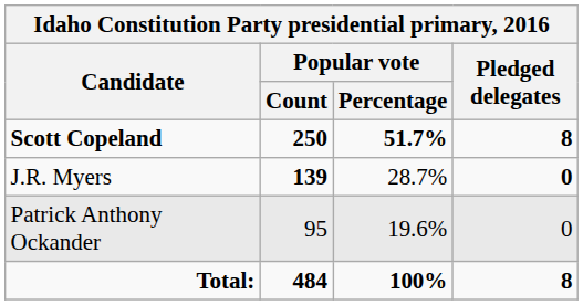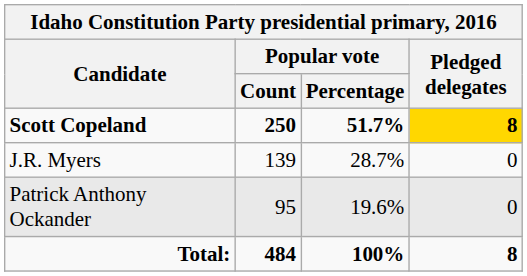 <table class="wikitable" style="font-size:95%;">
 <tr>
 <th colspan="4">Idaho Constitution Party presidential primary, 2016</th>
 </tr>
 <tr>
 <th rowspan="2" style="width:160px;">Candidate</th>
 <th colspan="2" style="width:75px;">Popular vote</th>
 <th rowspan="2" style="width:75px;">Pledged delegates</th>
 </tr>
 <tr>
 <th>Count</th>
 <th>Percentage</th>
 </tr>
 <tr align="right" >
 <td style="text-align:left;"><strong> Scott Copeland</strong></td>
 <td><strong>250</strong></td>
 <td><strong>51.7%</strong></td>
-<td><strong>8</strong></td>
+<td style="background: gold;"><strong>8</strong></td>
 </tr>
 <tr style="text-align:right;">
 <td style="text-align:left;">J.R. Myers</td>
-<td><strong>139</strong></td>
+<td>139</td>
 <td>28.7%</td>
-<td><strong>0</strong></td>
+<td>0</td>
 </tr>
 <tr style="text-align:right; background:#E9E9E9;">
 <td style="text-align:left;">Patrick Anthony Ockander</td>
 <td>95</td>
 <td>19.6%</td>
 <td>0</td>
 </tr>
 <tr style="text-align:right;">
 <td><strong>Total:</strong></td>
 <td><strong>484</strong></td>
 <td><strong>100%</strong></td>
 <td><strong>8</strong></td>
 </tr>
 </table>
